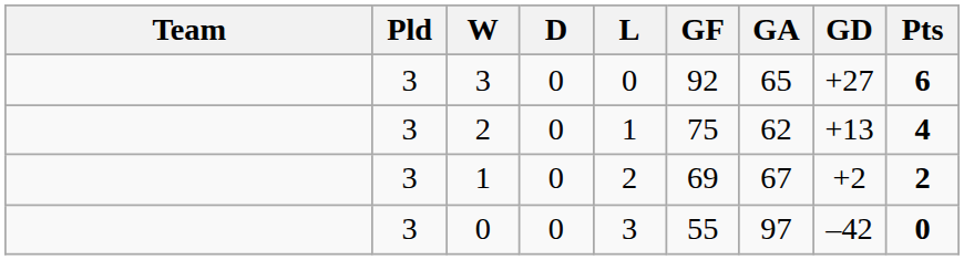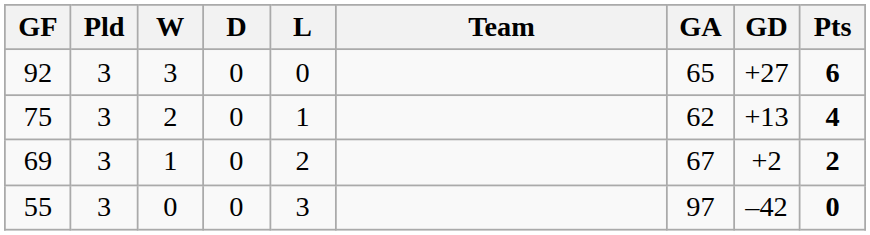 <table class="wikitable" style="text-align: center;">
 <tr>
-<th width="180">Team</th>
+<th width="30">GF</th>
 <th width="30">Pld</th>
 <th width="30">W</th>
 <th width="30">D</th>
 <th width="30">L</th>
-<th width="30">GF</th>
+<th width="180">Team</th>
 <th width="30">GA</th>
 <th width="30">GD</th>
 <th width="30">Pts</th>
 </tr>
 <tr>
-<td align="left"></td>
+<td>92</td>
 <td>3</td>
 <td>3</td>
 <td>0</td>
 <td>0</td>
-<td>92</td>
+<td align="left"></td>
 <td>65</td>
 <td>+27</td>
 <td><strong>6</strong></td>
 </tr>
 <tr>
-<td align="left"></td>
+<td>75</td>
 <td>3</td>
 <td>2</td>
 <td>0</td>
 <td>1</td>
-<td>75</td>
+<td align="left"></td>
 <td>62</td>
 <td>+13</td>
 <td><strong>4</strong></td>
 </tr>
 <tr>
-<td align="left"></td>
+<td>69</td>
 <td>3</td>
 <td>1</td>
 <td>0</td>
 <td>2</td>
-<td>69</td>
+<td align="left"></td>
 <td>67</td>
 <td>+2</td>
 <td><strong>2</strong></td>
 </tr>
 <tr>
-<td align="left"></td>
+<td>55</td>
 <td>3</td>
 <td>0</td>
 <td>0</td>
 <td>3</td>
-<td>55</td>
+<td align="left"></td>
 <td>97</td>
 <td>–42</td>
 <td><strong>0</strong></td>
 </tr>
 </table>
